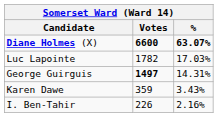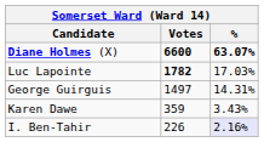 <table class="wikitable">
 <tr>
 <th colspan="3"><a href='#'>Somerset Ward</a> (Ward 14)</th>
 </tr>
 <tr>
 <th style="width: 170px">Candidate</th>
 <th style="width: 50px">Votes</th>
 <th style="width: 40px">%</th>
 </tr>
 <tr>
 <td><strong><a href='#'>Diane Holmes</a></strong> (X)</td>
 <td><strong>6600</strong></td>
 <td><strong>63.07%</strong></td>
 </tr>
 <tr>
 <td>Luc Lapointe</td>
-<td>1782</td>
+<td><strong>1782</strong></td>
 <td>17.03%</td>
 </tr>
 <tr>
 <td>George Guirguis</td>
-<td><strong>1497</strong></td>
+<td>1497</td>
 <td>14.31%</td>
 </tr>
 <tr>
 <td>Karen Dawe</td>
 <td>359</td>
 <td>3.43%</td>
 </tr>
 <tr>
 <td>I. Ben-Tahir</td>
 <td>226</td>
-<td>2.16%</td>
+<td style="background: lavender;">2.16%</td>
 </tr>
 </table>
